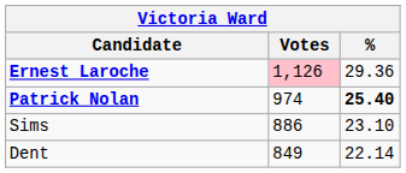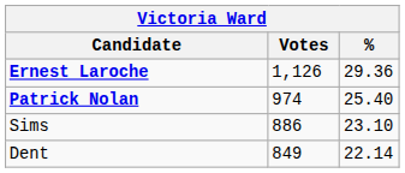 <table class="wikitable">
 <tr>
 <th colspan="3"><a href='#'>Victoria Ward</a></th>
 </tr>
 <tr>
 <th style="width: 200px">Candidate</th>
 <th style="width: 50px">Votes</th>
 <th style="width: 40px">%</th>
 </tr>
 <tr>
 <td><strong><a href='#'>Ernest Laroche</a></strong></td>
-<td style="background: pink;">1,126</td>
+<td>1,126</td>
 <td>29.36</td>
 </tr>
 <tr>
 <td><strong><a href='#'>Patrick Nolan</a></strong></td>
 <td>974</td>
-<td><strong>25.40</strong></td>
+<td>25.40</td>
 </tr>
 <tr>
 <td>Sims</td>
 <td>886</td>
 <td>23.10</td>
 </tr>
 <tr>
 <td>Dent</td>
 <td>849</td>
 <td>22.14</td>
 </tr>
 </table>
